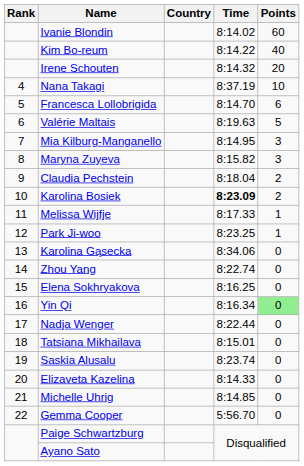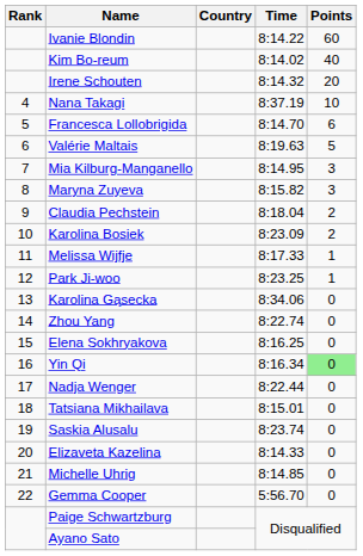 <table class="wikitable sortable" style="text-align:center">
 <tr>
 <th>Rank</th>
 <th>Name</th>
 <th>Country</th>
 <th>Time</th>
 <th>Points</th>
 </tr>
 <tr>
 <td></td>
 <td align=left><a href='#'>Ivanie Blondin</a></td>
 <td align=left></td>
-<td>8:14.02</td>
+<td>8:14.22</td>
 <td>60</td>
 </tr>
 <tr>
 <td></td>
 <td align=left><a href='#'>Kim Bo-reum</a></td>
 <td align=left></td>
-<td>8:14.22</td>
+<td>8:14.02</td>
 <td>40</td>
 </tr>
 <tr>
 <td></td>
 <td align=left><a href='#'>Irene Schouten</a></td>
 <td align=left></td>
 <td>8:14.32</td>
 <td>20</td>
 </tr>
 <tr>
 <td>4</td>
 <td align=left><a href='#'>Nana Takagi</a></td>
 <td align=left></td>
 <td>8:37.19</td>
 <td>10</td>
 </tr>
 <tr>
 <td>5</td>
 <td align=left><a href='#'>Francesca Lollobrigida</a></td>
 <td align=left></td>
 <td>8:14.70</td>
 <td>6</td>
 </tr>
 <tr>
 <td>6</td>
 <td align=left><a href='#'>Valérie Maltais</a></td>
 <td align=left></td>
 <td>8:19.63</td>
 <td>5</td>
 </tr>
 <tr>
 <td>7</td>
 <td align=left><a href='#'>Mia Kilburg-Manganello</a></td>
 <td align=left></td>
 <td>8:14.95</td>
 <td>3</td>
 </tr>
 <tr>
 <td>8</td>
 <td align=left><a href='#'>Maryna Zuyeva</a></td>
 <td align=left></td>
 <td>8:15.82</td>
 <td>3</td>
 </tr>
 <tr>
 <td>9</td>
 <td align=left><a href='#'>Claudia Pechstein</a></td>
 <td align=left></td>
 <td>8:18.04</td>
 <td>2</td>
 </tr>
 <tr>
 <td>10</td>
 <td align=left><a href='#'>Karolina Bosiek</a></td>
 <td align=left></td>
-<td><strong>8:23.09</strong></td>
+<td>8:23.09</td>
 <td>2</td>
 </tr>
 <tr>
 <td>11</td>
 <td align=left><a href='#'>Melissa Wijfje</a></td>
 <td align=left></td>
 <td>8:17.33</td>
 <td>1</td>
 </tr>
 <tr>
 <td>12</td>
 <td align=left><a href='#'>Park Ji-woo</a></td>
 <td align=left></td>
 <td>8:23.25</td>
 <td>1</td>
 </tr>
 <tr>
 <td>13</td>
 <td align=left><a href='#'>Karolina Gąsecka</a></td>
 <td align=left></td>
 <td>8:34.06</td>
 <td>0</td>
 </tr>
 <tr>
 <td>14</td>
 <td align=left><a href='#'>Zhou Yang</a></td>
 <td align=left></td>
 <td>8:22.74</td>
 <td>0</td>
 </tr>
 <tr>
 <td>15</td>
 <td align=left><a href='#'>Elena Sokhryakova</a></td>
 <td align=left></td>
 <td>8:16.25</td>
 <td>0</td>
 </tr>
 <tr>
 <td>16</td>
 <td align=left><a href='#'>Yin Qi</a></td>
 <td align=left></td>
 <td>8:16.34</td>
 <td style="background: lightgreen;">0</td>
 </tr>
 <tr>
 <td>17</td>
 <td align=left><a href='#'>Nadja Wenger</a></td>
 <td align=left></td>
 <td>8:22.44</td>
 <td>0</td>
 </tr>
 <tr>
 <td>18</td>
 <td align=left><a href='#'>Tatsiana Mikhailava</a></td>
 <td align=left></td>
 <td>8:15.01</td>
 <td>0</td>
 </tr>
 <tr>
 <td>19</td>
 <td align=left><a href='#'>Saskia Alusalu</a></td>
 <td align=left></td>
 <td>8:23.74</td>
 <td>0</td>
 </tr>
 <tr>
 <td>20</td>
 <td align=left><a href='#'>Elizaveta Kazelina</a></td>
 <td align=left></td>
 <td>8:14.33</td>
 <td>0</td>
 </tr>
 <tr>
 <td>21</td>
 <td align=left><a href='#'>Michelle Uhrig</a></td>
 <td align=left></td>
 <td>8:14.85</td>
 <td>0</td>
 </tr>
 <tr>
 <td>22</td>
 <td align=left><a href='#'>Gemma Cooper</a></td>
 <td align=left></td>
 <td>5:56.70</td>
 <td>0</td>
 </tr>
 <tr>
 <td rowspan=2></td>
 <td align=left><a href='#'>Paige Schwartzburg</a></td>
 <td align=left></td>
 <td rowspan=2 colspan=2>Disqualified</td>
 </tr>
 <tr>
 <td align=left><a href='#'>Ayano Sato</a></td>
 <td align=left></td>
 </tr>
 </table>
